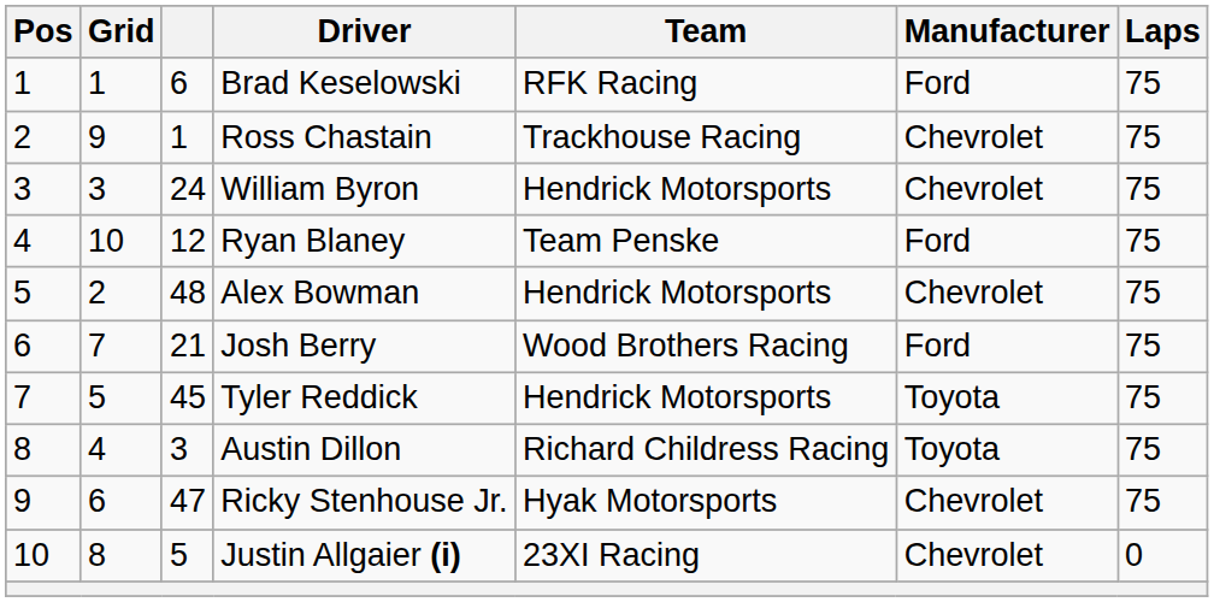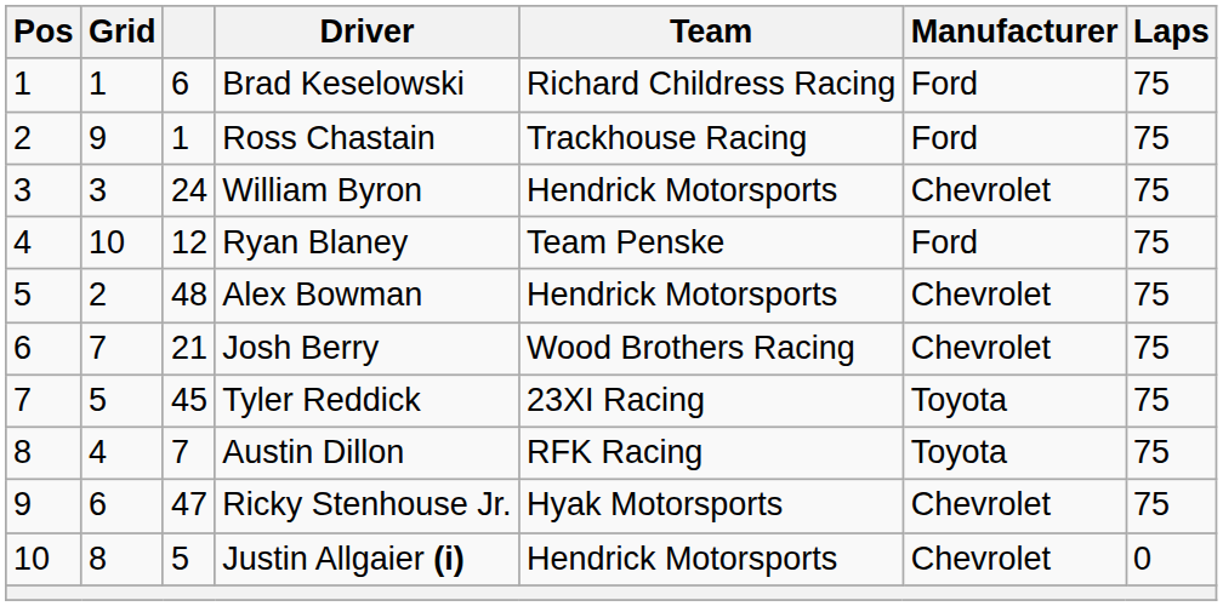 <table class="wikitable" style="font-size:98%">
 <tr>
 <th>Pos</th>
 <th>Grid</th>
 <th></th>
 <th>Driver</th>
 <th>Team</th>
 <th>Manufacturer</th>
 <th>Laps</th>
 </tr>
 <tr>
 <td>1</td>
 <td>1</td>
 <td>6</td>
 <td>Brad Keselowski</td>
-<td>RFK Racing</td>
+<td>Richard Childress Racing</td>
 <td>Ford</td>
 <td>75</td>
 </tr>
 <tr>
 <td>2</td>
 <td>9</td>
 <td>1</td>
 <td>Ross Chastain</td>
 <td>Trackhouse Racing</td>
-<td>Chevrolet</td>
+<td>Ford</td>
 <td>75</td>
 </tr>
 <tr>
 <td>3</td>
 <td>3</td>
 <td>24</td>
 <td>William Byron</td>
 <td>Hendrick Motorsports</td>
 <td>Chevrolet</td>
 <td>75</td>
 </tr>
 <tr>
 <td>4</td>
 <td>10</td>
 <td>12</td>
 <td>Ryan Blaney</td>
 <td>Team Penske</td>
 <td>Ford</td>
 <td>75</td>
 </tr>
 <tr>
 <td>5</td>
 <td>2</td>
 <td>48</td>
 <td>Alex Bowman</td>
 <td>Hendrick Motorsports</td>
 <td>Chevrolet</td>
 <td>75</td>
 </tr>
 <tr>
 <td>6</td>
 <td>7</td>
 <td>21</td>
 <td>Josh Berry</td>
 <td>Wood Brothers Racing</td>
-<td>Ford</td>
+<td>Chevrolet</td>
 <td>75</td>
 </tr>
 <tr>
 <td>7</td>
 <td>5</td>
 <td>45</td>
 <td>Tyler Reddick</td>
-<td>Hendrick Motorsports</td>
+<td>23XI Racing</td>
 <td>Toyota</td>
 <td>75</td>
 </tr>
 <tr>
 <td>8</td>
 <td>4</td>
-<td>3</td>
+<td>7</td>
 <td>Austin Dillon</td>
-<td>Richard Childress Racing</td>
+<td>RFK Racing</td>
 <td>Toyota</td>
 <td>75</td>
 </tr>
 <tr>
 <td>9</td>
 <td>6</td>
 <td>47</td>
 <td>Ricky Stenhouse Jr.</td>
 <td>Hyak Motorsports</td>
 <td>Chevrolet</td>
 <td>75</td>
 </tr>
 <tr>
 <td>10</td>
 <td>8</td>
 <td>5</td>
 <td>Justin Allgaier <strong>(i)</strong></td>
-<td>23XI Racing</td>
+<td>Hendrick Motorsports</td>
 <td>Chevrolet</td>
 <td>0</td>
 </tr>
 <tr>
 <th colspan="7"></th>
 </tr>
 </table>
